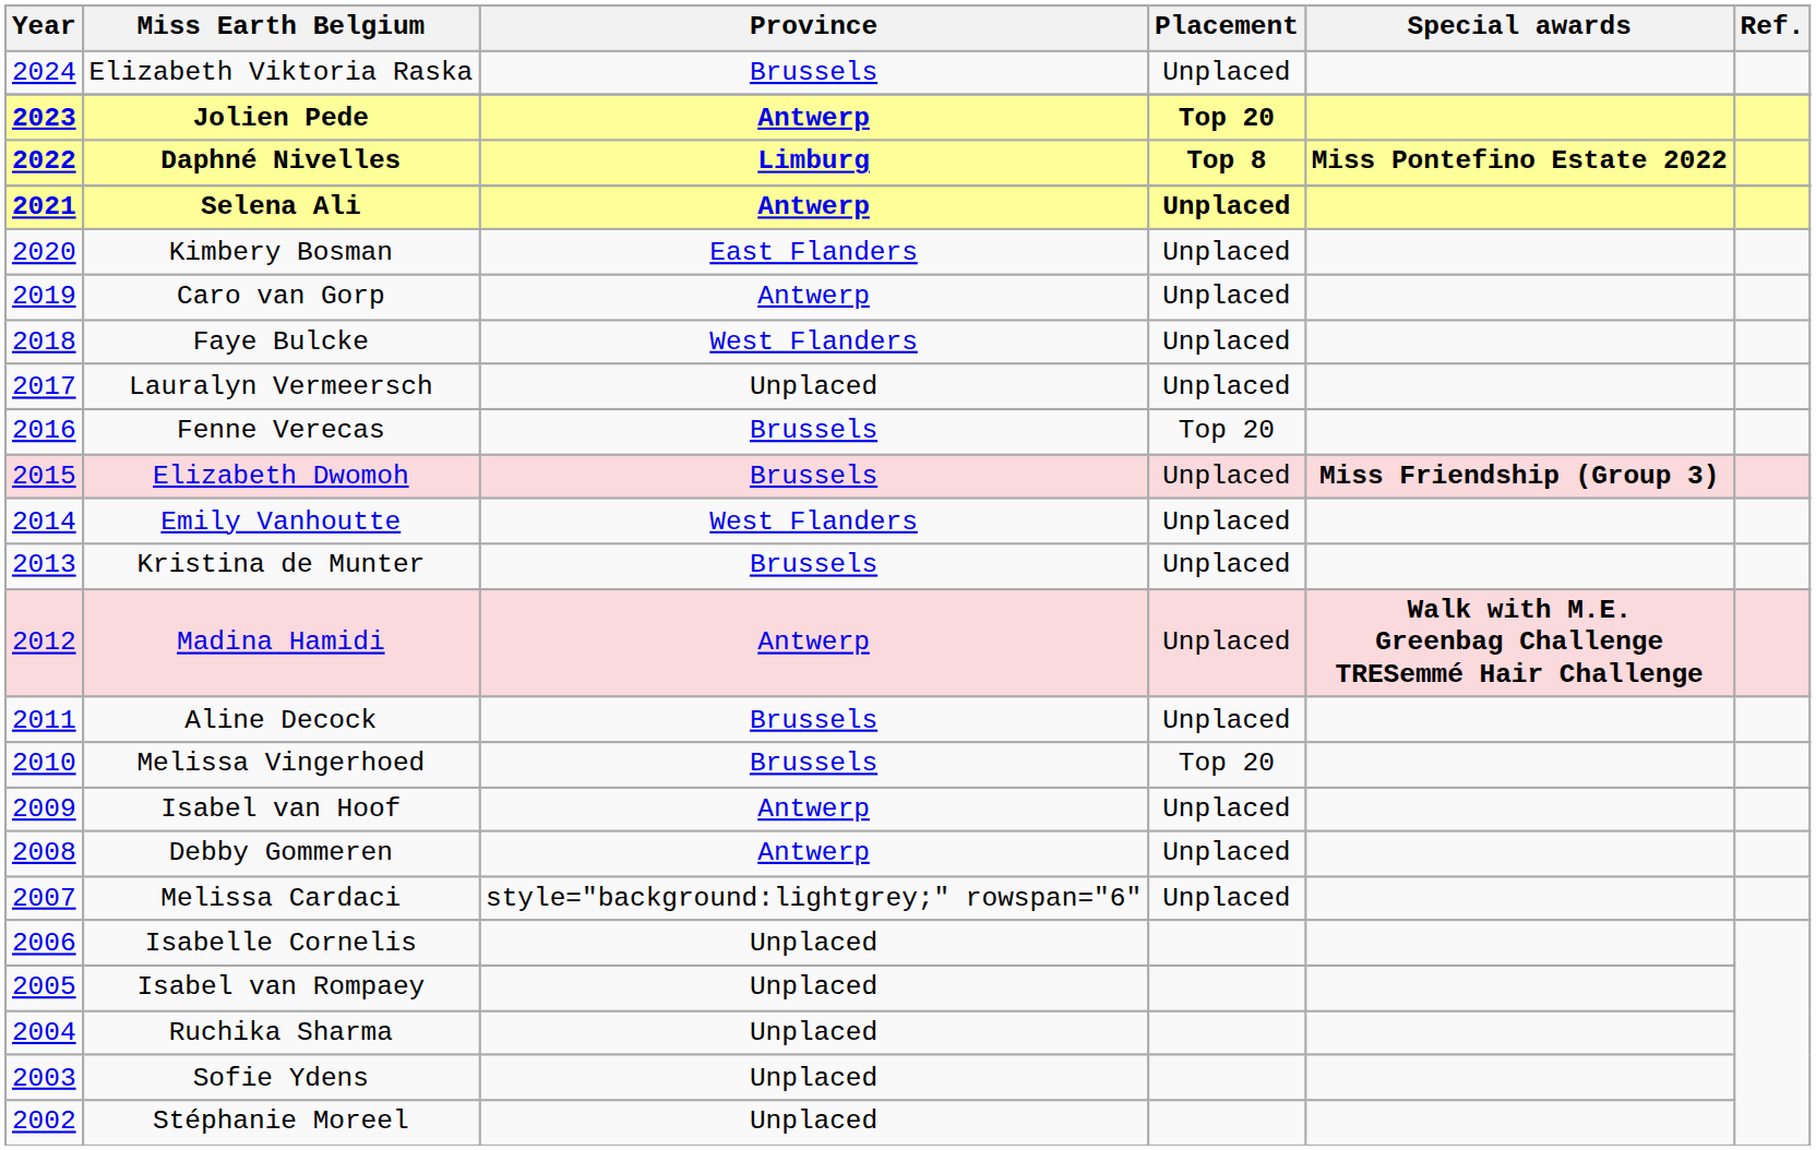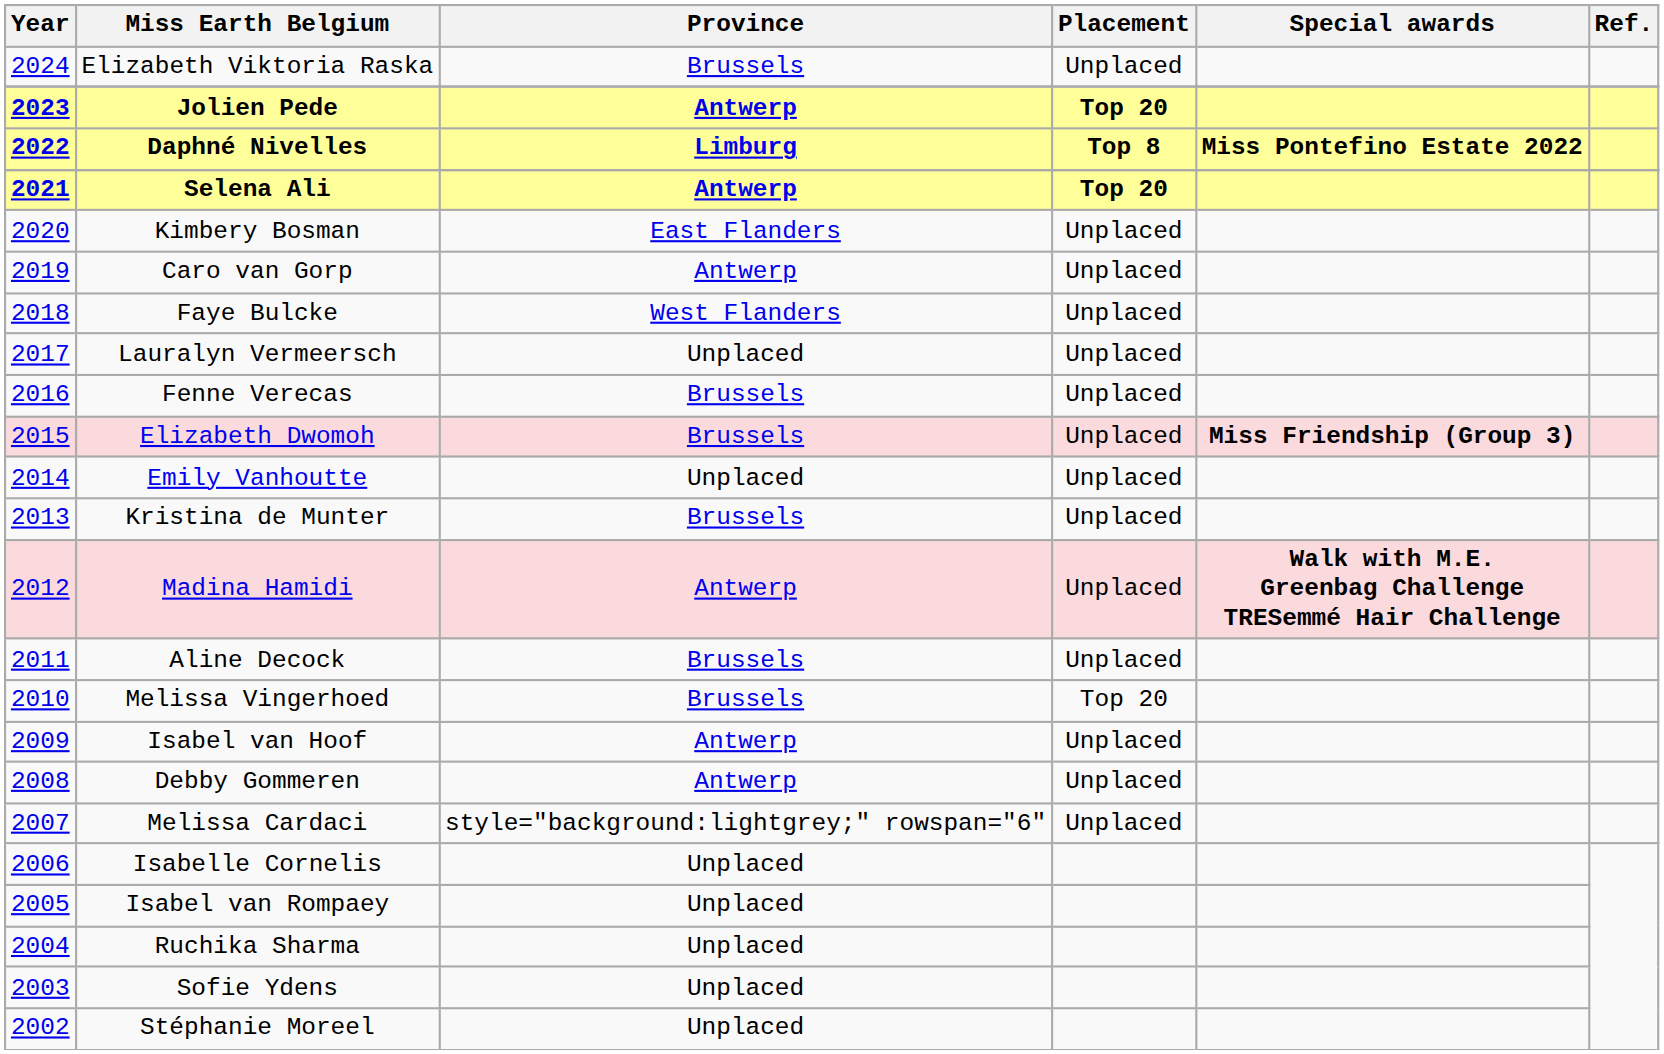 <table class="wikitable " style="font-size: 90%; text-align:center;">
 <tr>
 <th>Year</th>
 <th>Miss Earth Belgium</th>
 <th>Province</th>
 <th>Placement</th>
 <th>Special awards</th>
 <th>Ref.</th>
 </tr>
 <tr>
 <td><a href='#'>2024</a></td>
 <td>Elizabeth Viktoria Raska</td>
 <td><a href='#'>Brussels</a></td>
 <td>Unplaced</td>
 <td></td>
 <td></td>
 </tr>
 <tr>
 </tr>
 <tr style="background-color:#FFFF99; font-weight: bold">
 <td><a href='#'>2023</a></td>
 <td>Jolien Pede</td>
 <td><a href='#'>Antwerp</a></td>
 <td><strong>Top 20</strong></td>
 <td></td>
 <td></td>
 </tr>
 <tr style="background-color:#FFFF99; font-weight: bold">
 <td><a href='#'>2022</a></td>
 <td>Daphné Nivelles</td>
 <td><a href='#'>Limburg</a></td>
 <td><strong>Top 8</strong></td>
 <td><strong>Miss Pontefino Estate 2022</strong></td>
 <td></td>
 </tr>
 <tr>
 </tr>
 <tr style="background-color:#FFFF99; font-weight: bold">
 <td><a href='#'>2021</a></td>
 <td>Selena Ali</td>
 <td><a href='#'>Antwerp</a></td>
-<td>Unplaced</td>
+<td>Top 20</td>
 <td></td>
 <td></td>
 </tr>
 <tr>
 <td><a href='#'>2020</a></td>
 <td>Kimbery Bosman</td>
 <td><a href='#'>East Flanders</a></td>
 <td>Unplaced</td>
 <td></td>
 <td></td>
 </tr>
 <tr>
 <td><a href='#'>2019</a></td>
 <td>Caro van Gorp</td>
 <td><a href='#'>Antwerp</a></td>
 <td>Unplaced</td>
 <td></td>
 <td></td>
 </tr>
 <tr>
 <td><a href='#'>2018</a></td>
 <td>Faye Bulcke</td>
 <td><a href='#'>West Flanders</a></td>
 <td>Unplaced</td>
 <td></td>
 <td></td>
 </tr>
 <tr>
 <td><a href='#'>2017</a></td>
 <td>Lauralyn Vermeersch</td>
 <td>Unplaced</td>
 <td>Unplaced</td>
 <td></td>
 <td></td>
 </tr>
 <tr>
 <td><a href='#'>2016</a></td>
 <td>Fenne Verecas</td>
 <td><a href='#'>Brussels</a></td>
-<td>Top 20</td>
+<td>Unplaced</td>
 <td></td>
 <td></td>
 </tr>
 <tr style="background-color:#FADADD;">
 <td><a href='#'>2015</a></td>
 <td><a href='#'>Elizabeth Dwomoh</a></td>
 <td><a href='#'>Brussels</a></td>
 <td>Unplaced</td>
 <td><strong> Miss Friendship (Group 3)</strong></td>
 <td></td>
 </tr>
 <tr>
 <td><a href='#'>2014</a></td>
 <td><a href='#'>Emily Vanhoutte</a></td>
-<td><a href='#'>West Flanders</a></td>
+<td>Unplaced</td>
 <td>Unplaced</td>
 <td></td>
 <td></td>
 </tr>
 <tr>
 <td><a href='#'>2013</a></td>
 <td>Kristina de Munter</td>
 <td><a href='#'>Brussels</a></td>
 <td>Unplaced</td>
 <td></td>
 <td></td>
 </tr>
 <tr style="background-color:#FADADD;">
 <td><a href='#'>2012</a></td>
 <td><a href='#'>Madina Hamidi</a></td>
 <td><a href='#'>Antwerp</a></td>
 <td>Unplaced</td>
 <td><strong> Walk with M.E.</strong> <br> <strong> Greenbag Challenge</strong> <br> <strong> TRESemmé Hair Challenge</strong></td>
 <td></td>
 </tr>
 <tr>
 <td><a href='#'>2011</a></td>
 <td>Aline Decock</td>
 <td><a href='#'>Brussels</a></td>
 <td>Unplaced</td>
 <td></td>
 <td></td>
 </tr>
 <tr>
 <td><a href='#'>2010</a></td>
 <td>Melissa Vingerhoed</td>
 <td><a href='#'>Brussels</a></td>
 <td>Top 20</td>
 <td></td>
 <td></td>
 </tr>
 <tr>
 <td><a href='#'>2009</a></td>
 <td>Isabel van Hoof</td>
 <td><a href='#'>Antwerp</a></td>
 <td>Unplaced</td>
 <td></td>
 <td></td>
 </tr>
 <tr>
 <td><a href='#'>2008</a></td>
 <td>Debby Gommeren</td>
 <td><a href='#'>Antwerp</a></td>
 <td>Unplaced</td>
 <td></td>
 <td></td>
 </tr>
 <tr>
 <td><a href='#'>2007</a></td>
 <td>Melissa Cardaci</td>
 <td>style="background:lightgrey;" rowspan="6" </td>
 <td>Unplaced</td>
 <td></td>
 <td></td>
 </tr>
 <tr>
 <td><a href='#'>2006</a></td>
 <td>Isabelle Cornelis</td>
 <td>Unplaced</td>
 <td></td>
 <td></td>
 </tr>
 <tr>
 <td><a href='#'>2005</a></td>
 <td>Isabel van Rompaey</td>
 <td>Unplaced</td>
 <td></td>
 <td></td>
 </tr>
 <tr>
 <td><a href='#'>2004</a></td>
 <td>Ruchika Sharma</td>
 <td>Unplaced</td>
 <td></td>
 <td></td>
 </tr>
 <tr>
 <td><a href='#'>2003</a></td>
 <td>Sofie Ydens</td>
 <td>Unplaced</td>
 <td></td>
 <td></td>
 </tr>
 <tr>
 <td><a href='#'>2002</a></td>
 <td>Stéphanie Moreel</td>
 <td>Unplaced</td>
 <td></td>
 <td></td>
 </tr>
 <tr>
 </tr>
 </table>
